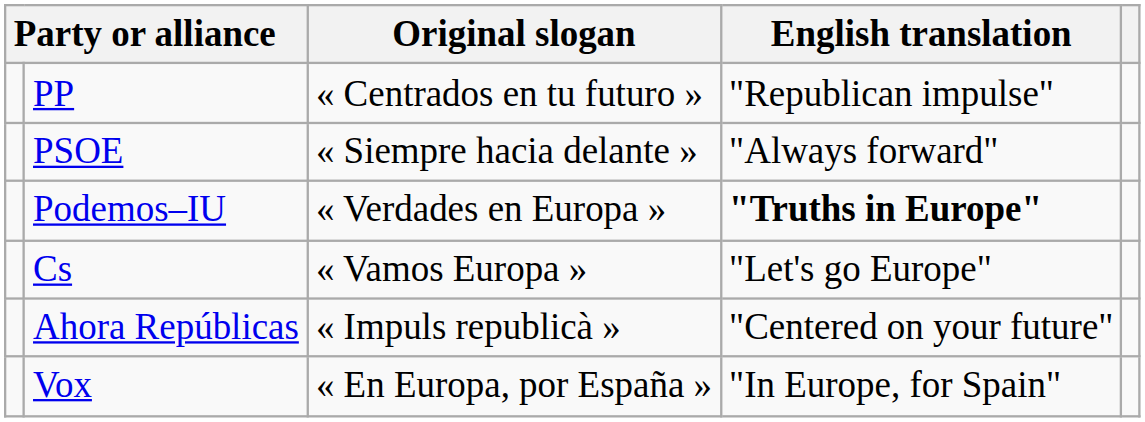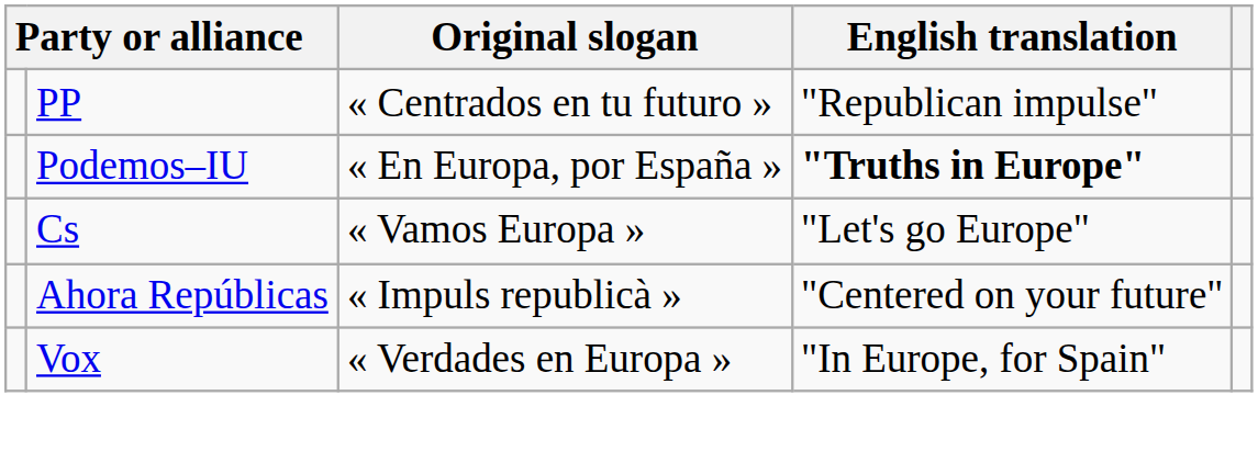 <table class="wikitable" style="text-align:left;">
 <tr>
 <th style="text-align:left;" colspan="2">Party or alliance</th>
 <th>Original slogan</th>
 <th>English translation</th>
 <th></th>
 </tr>
 <tr>
 <td width="1" style="color:inherit;background:"></td>
 <td><a href='#'>PP</a></td>
 <td>« Centrados en tu futuro »</td>
 <td>"Republican impulse"</td>
 <td></td>
 </tr>
 <tr>
 <td style="color:inherit;background:"></td>
-<td><a href='#'>PSOE</a></td>
-<td>« Siempre hacia delante »</td>
-<td>"Always forward"</td>
-<td></td>
-</tr>
-<tr>
-<td style="color:inherit;background:"></td>
 <td><a href='#'>Podemos–IU</a></td>
-<td>« Verdades en Europa »</td>
+<td>« En Europa, por España »</td>
 <td><strong>"Truths in Europe"</strong></td>
 <td></td>
 </tr>
 <tr>
 <td style="color:inherit;background:"></td>
 <td><a href='#'>Cs</a></td>
 <td>« Vamos Europa »</td>
 <td>"Let's go Europe"</td>
 <td></td>
 </tr>
 <tr>
 <td style="color:inherit;background:"></td>
 <td><a href='#'>Ahora Repúblicas</a></td>
 <td>« Impuls republicà »</td>
 <td>"Centered on your future"</td>
 <td></td>
 </tr>
 <tr>
 <td style="color:inherit;background:"></td>
 <td><a href='#'>Vox</a></td>
-<td>« En Europa, por España »</td>
+<td>« Verdades en Europa »</td>
 <td>"In Europe, for Spain"</td>
 <td></td>
 </tr>
 </table>
